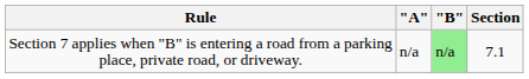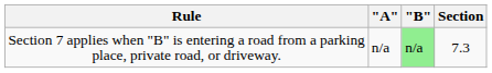 <table class="wikitable">
 <tr>
 <th style="text-align: center;">Rule</th>
 <th style="text-align: center;">"A"</th>
 <th style="text-align: center;">"B"</th>
 <th style="text-align: center;">Section</th>
 </tr>
 <tr>
 <td style="text-align: center;">Section 7 applies when "B" is entering a road from a parking<br>place, private road, or driveway.</td>
 <td>n/a</td>
 <td style="background: lightgreen;">n/a</td>
-<td style="text-align: center;">7.1</td>
+<td style="text-align: center;">7.3</td>
 </tr>
 </table>
